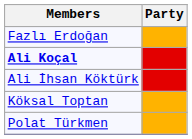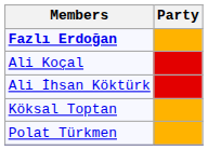 <table class=wikitable style="border:1px solid #8888aa; background-color:#f7f8ff; padding:0px; font-size:90%;">
 <tr>
 <th>Members</th>
 <th colspan="2">Party</th>
 </tr>
 <tr>
-<td><a href='#'>Fazlı Erdoğan</a></td>
+<td><strong><a href='#'>Fazlı Erdoğan</a></strong></td>
 <td style="background: #ffb300"></td>
 </tr>
 <tr>
-<td><strong><a href='#'>Ali Koçal</a></strong></td>
+<td><a href='#'>Ali Koçal</a></td>
 <td style="background: #e30000"></td>
 </tr>
 <tr>
 <td><a href='#'>Ali İhsan Köktürk</a></td>
 <td style="background: #e30000"></td>
 </tr>
 <tr>
 <td><a href='#'>Köksal Toptan</a></td>
 <td style="background: #ffb300"></td>
 </tr>
 <tr>
 <td><a href='#'>Polat Türkmen</a></td>
 <td style="background: #ffb300"></td>
 </tr>
 <tr>
 </tr>
 </table>
